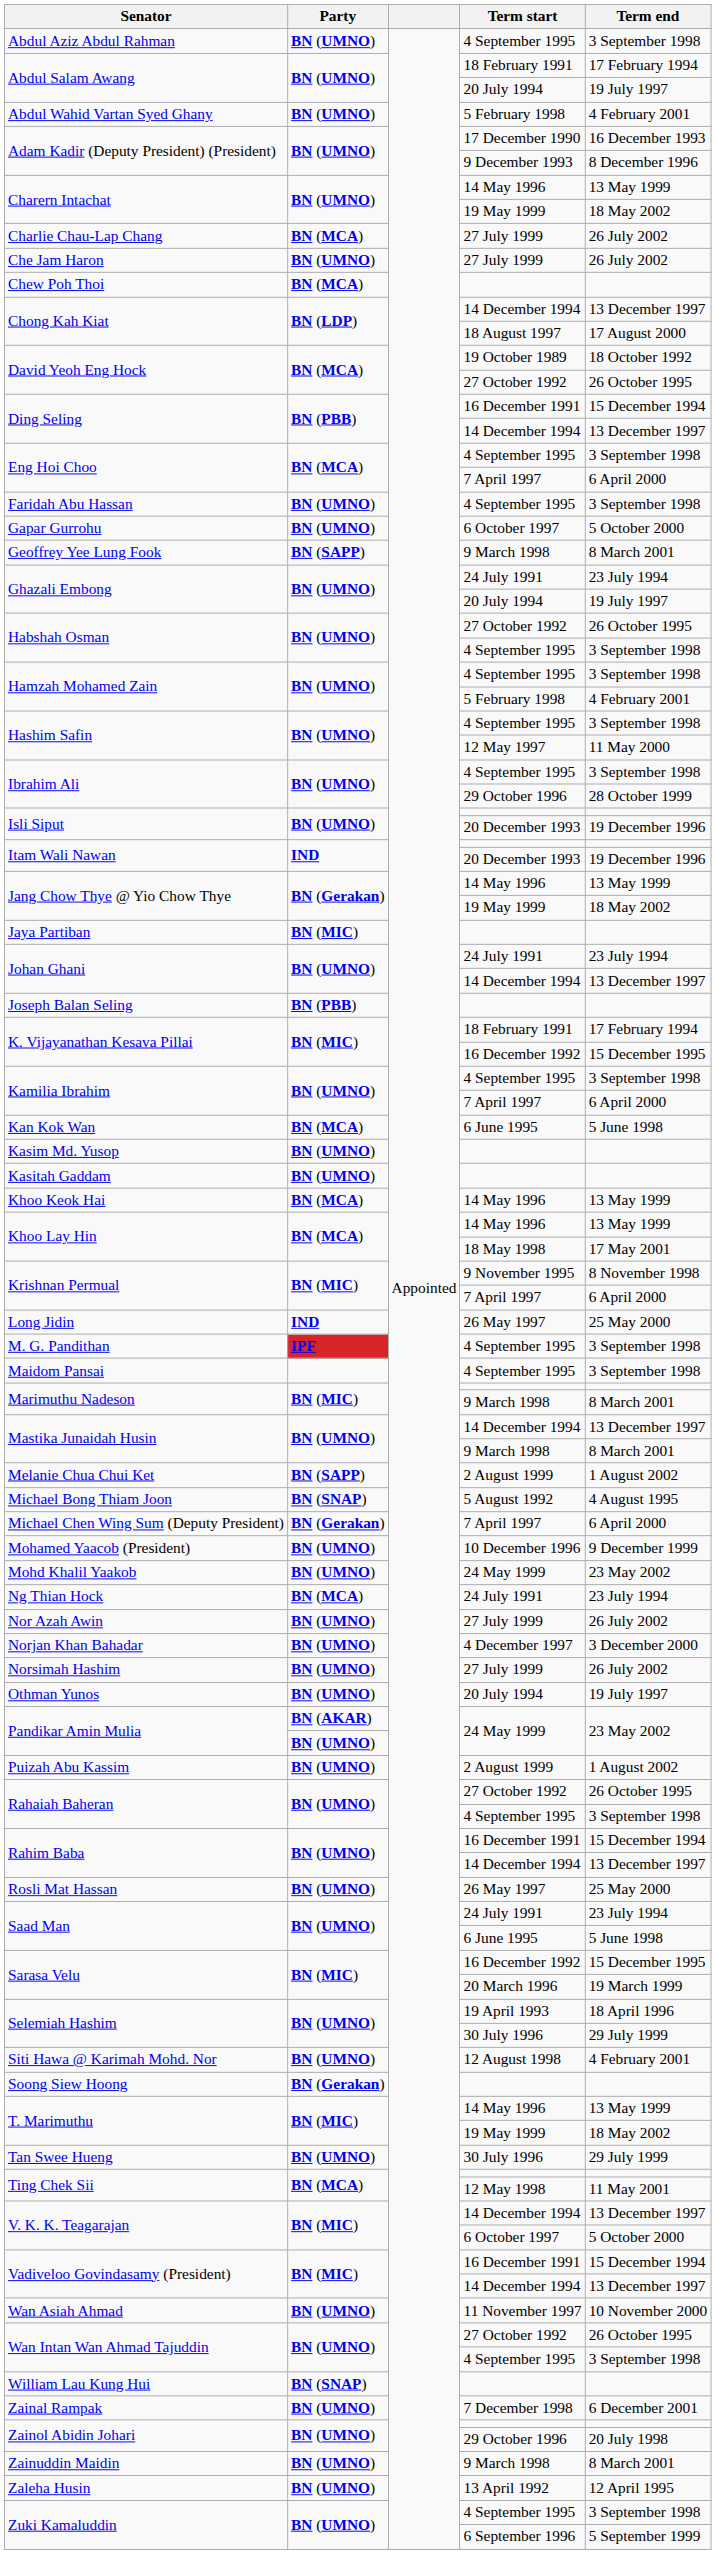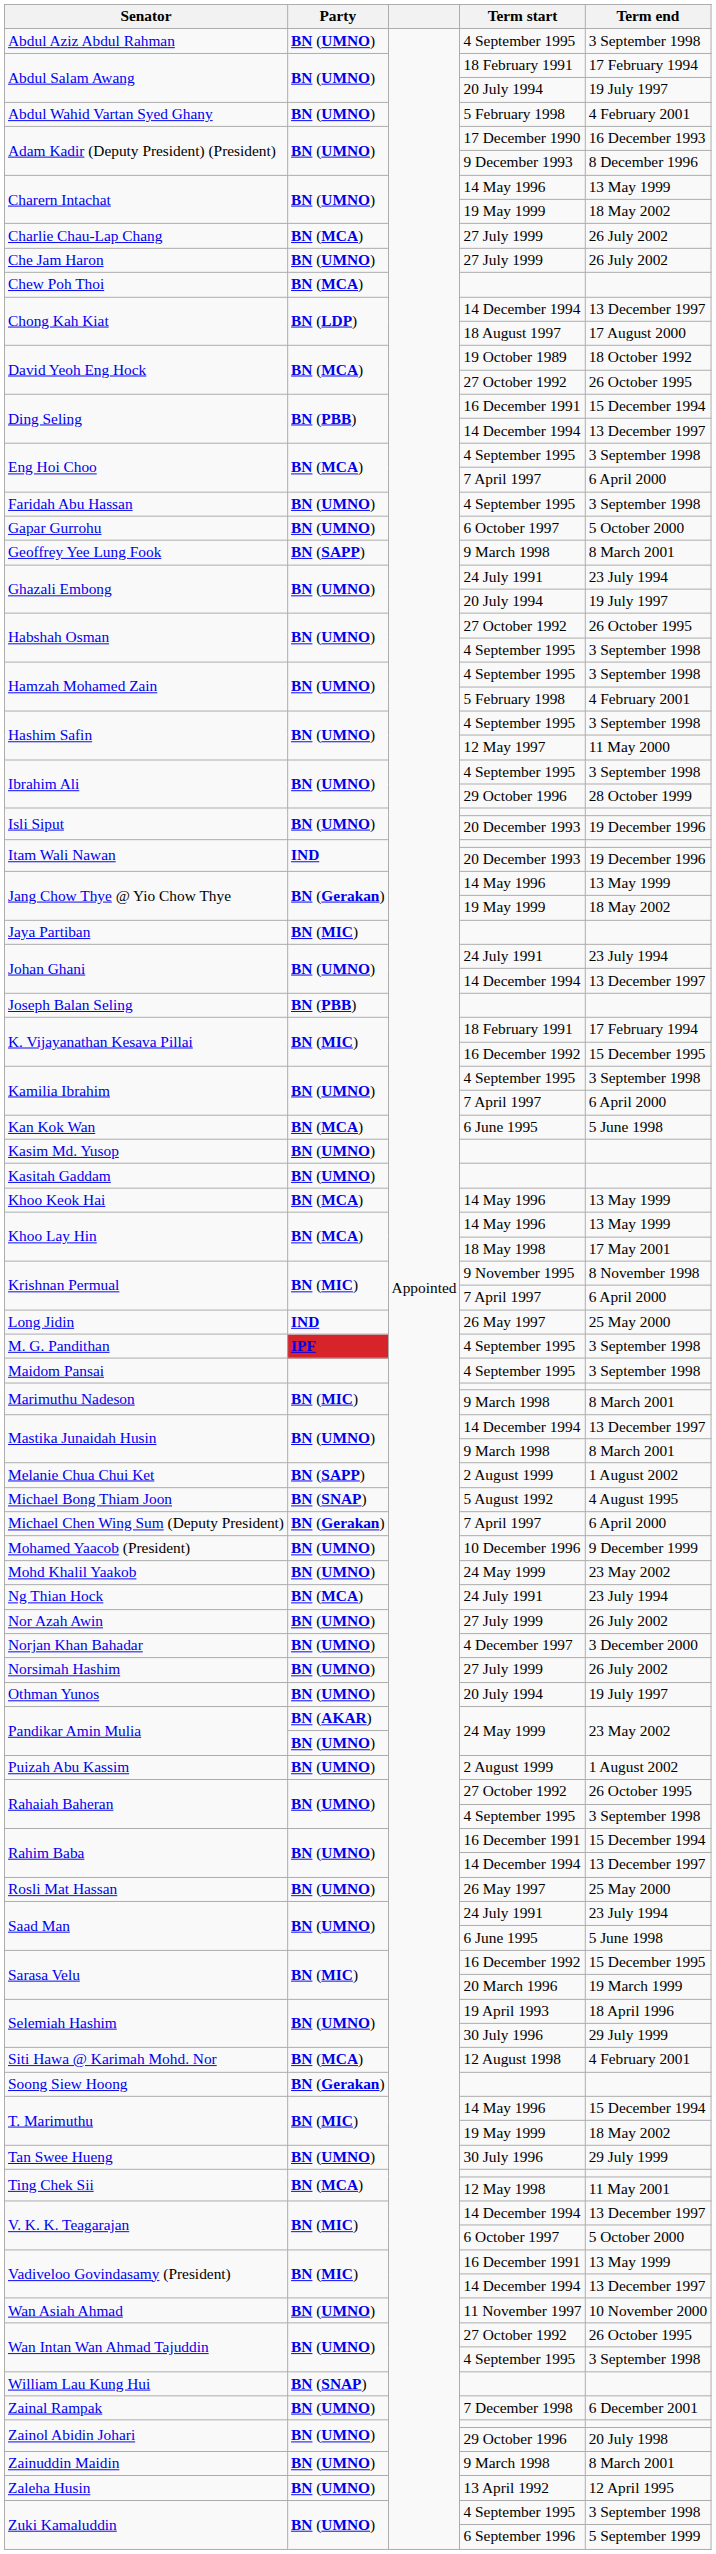 <table class="wikitable sortable">
 <tr>
 <th>Senator</th>
 <th>Party</th>
 <th></th>
 <th>Term start</th>
 <th>Term end</th>
 </tr>
 <tr>
 <td><a href='#'>Abdul Aziz Abdul Rahman</a></td>
 <td><strong><a href='#'>BN</a></strong> (<strong><a href='#'>UMNO</a></strong>)</td>
 <td rowspan="107">Appointed</td>
 <td>4 September 1995</td>
 <td>3 September 1998</td>
 </tr>
 <tr>
 <td rowspan=2><a href='#'>Abdul Salam Awang</a></td>
 <td rowspan=2><strong><a href='#'>BN</a></strong> (<strong><a href='#'>UMNO</a></strong>)</td>
 <td>18 February 1991</td>
 <td>17 February 1994</td>
 </tr>
 <tr>
 <td>20 July 1994</td>
 <td>19 July 1997</td>
 </tr>
 <tr>
 <td><a href='#'>Abdul Wahid Vartan Syed Ghany</a></td>
 <td><strong><a href='#'>BN</a></strong> (<strong><a href='#'>UMNO</a></strong>)</td>
 <td>5 February 1998</td>
 <td>4 February 2001</td>
 </tr>
 <tr>
 <td rowspan=2><a href='#'>Adam Kadir</a> (Deputy President) (President)</td>
 <td rowspan=2><strong><a href='#'>BN</a></strong> (<strong><a href='#'>UMNO</a></strong>)</td>
 <td>17 December 1990</td>
 <td>16 December 1993</td>
 </tr>
 <tr>
 <td>9 December 1993</td>
 <td>8 December 1996</td>
 </tr>
 <tr>
 <td rowspan=2><a href='#'>Charern Intachat</a></td>
 <td rowspan=2><strong><a href='#'>BN</a></strong> (<strong><a href='#'>UMNO</a></strong>)</td>
 <td>14 May 1996</td>
 <td>13 May 1999</td>
 </tr>
 <tr>
 <td>19 May 1999</td>
 <td>18 May 2002</td>
 </tr>
 <tr>
 <td><a href='#'>Charlie Chau-Lap Chang</a></td>
 <td><strong><a href='#'>BN</a></strong> (<strong><a href='#'>MCA</a></strong>)</td>
 <td>27 July 1999</td>
 <td>26 July 2002</td>
 </tr>
 <tr>
 <td><a href='#'>Che Jam Haron</a></td>
 <td><strong><a href='#'>BN</a></strong> (<strong><a href='#'>UMNO</a></strong>)</td>
 <td>27 July 1999</td>
 <td>26 July 2002</td>
 </tr>
 <tr>
 <td><a href='#'>Chew Poh Thoi</a></td>
 <td><strong><a href='#'>BN</a></strong> (<strong><a href='#'>MCA</a></strong>)</td>
 <td></td>
 <td></td>
 </tr>
 <tr>
 <td rowspan=2><a href='#'>Chong Kah Kiat</a></td>
 <td rowspan=2><strong><a href='#'>BN</a></strong> (<strong><a href='#'>LDP</a></strong>)</td>
 <td>14 December 1994</td>
 <td>13 December 1997</td>
 </tr>
 <tr>
 <td>18 August 1997</td>
 <td>17 August 2000</td>
 </tr>
 <tr>
 <td rowspan=2><a href='#'>David Yeoh Eng Hock</a></td>
 <td rowspan=2><strong><a href='#'>BN</a></strong> (<strong><a href='#'>MCA</a></strong>)</td>
 <td>19 October 1989</td>
 <td>18 October 1992</td>
 </tr>
 <tr>
 <td>27 October 1992</td>
 <td>26 October 1995</td>
 </tr>
 <tr>
 <td rowspan=2><a href='#'>Ding Seling</a></td>
 <td rowspan=2><strong><a href='#'>BN</a></strong> (<strong><a href='#'>PBB</a></strong>)</td>
 <td>16 December 1991</td>
 <td>15 December 1994</td>
 </tr>
 <tr>
 <td>14 December 1994</td>
 <td>13 December 1997</td>
 </tr>
 <tr>
 <td rowspan=2><a href='#'>Eng Hoi Choo</a></td>
 <td rowspan=2><strong><a href='#'>BN</a></strong> (<strong><a href='#'>MCA</a></strong>)</td>
 <td>4 September 1995</td>
 <td>3 September 1998</td>
 </tr>
 <tr>
 <td>7 April 1997</td>
 <td>6 April 2000</td>
 </tr>
 <tr>
 <td><a href='#'>Faridah Abu Hassan</a></td>
 <td><strong><a href='#'>BN</a></strong> (<strong><a href='#'>UMNO</a></strong>)</td>
 <td>4 September 1995</td>
 <td>3 September 1998</td>
 </tr>
 <tr>
 <td><a href='#'>Gapar Gurrohu</a></td>
 <td><strong><a href='#'>BN</a></strong> (<strong><a href='#'>UMNO</a></strong>)</td>
 <td>6 October 1997</td>
 <td>5 October 2000</td>
 </tr>
 <tr>
 <td><a href='#'>Geoffrey Yee Lung Fook</a></td>
 <td><strong><a href='#'>BN</a></strong> (<strong><a href='#'>SAPP</a></strong>)</td>
 <td>9 March 1998</td>
 <td>8 March 2001</td>
 </tr>
 <tr>
 <td rowspan=2><a href='#'>Ghazali Embong</a></td>
 <td rowspan=2><strong><a href='#'>BN</a></strong> (<strong><a href='#'>UMNO</a></strong>)</td>
 <td>24 July 1991</td>
 <td>23 July 1994</td>
 </tr>
 <tr>
 <td>20 July 1994</td>
 <td>19 July 1997</td>
 </tr>
 <tr>
 <td rowspan=2><a href='#'>Habshah Osman</a></td>
 <td rowspan=2><strong><a href='#'>BN</a></strong> (<strong><a href='#'>UMNO</a></strong>)</td>
 <td>27 October 1992</td>
 <td>26 October 1995</td>
 </tr>
 <tr>
 <td>4 September 1995</td>
 <td>3 September 1998</td>
 </tr>
 <tr>
 <td rowspan=2><a href='#'>Hamzah Mohamed Zain</a></td>
 <td rowspan=2><strong><a href='#'>BN</a></strong> (<strong><a href='#'>UMNO</a></strong>)</td>
 <td>4 September 1995</td>
 <td>3 September 1998</td>
 </tr>
 <tr>
 <td>5 February 1998</td>
 <td>4 February 2001</td>
 </tr>
 <tr>
 <td rowspan=2><a href='#'>Hashim Safin</a></td>
 <td rowspan=2><strong><a href='#'>BN</a></strong> (<strong><a href='#'>UMNO</a></strong>)</td>
 <td>4 September 1995</td>
 <td>3 September 1998</td>
 </tr>
 <tr>
 <td>12 May 1997</td>
 <td>11 May 2000</td>
 </tr>
 <tr>
 <td rowspan=2><a href='#'>Ibrahim Ali</a></td>
 <td rowspan=2><strong><a href='#'>BN</a></strong> (<strong><a href='#'>UMNO</a></strong>)</td>
 <td>4 September 1995</td>
 <td>3 September 1998</td>
 </tr>
 <tr>
 <td>29 October 1996</td>
 <td>28 October 1999</td>
 </tr>
 <tr>
 <td rowspan=2><a href='#'>Isli Siput</a></td>
 <td rowspan=2><strong><a href='#'>BN</a></strong> (<strong><a href='#'>UMNO</a></strong>)</td>
 <td></td>
 <td></td>
 </tr>
 <tr>
 <td>20 December 1993</td>
 <td>19 December 1996</td>
 </tr>
 <tr>
 <td rowspan=2><a href='#'>Itam Wali Nawan</a></td>
 <td rowspan=2><strong><a href='#'>IND</a></strong></td>
 <td></td>
 <td></td>
 </tr>
 <tr>
 <td>20 December 1993</td>
 <td>19 December 1996</td>
 </tr>
 <tr>
 <td rowspan=2><a href='#'>Jang Chow Thye</a> @ Yio Chow Thye</td>
 <td rowspan=2><strong><a href='#'>BN</a></strong> (<strong><a href='#'>Gerakan</a></strong>)</td>
 <td>14 May 1996</td>
 <td>13 May 1999</td>
 </tr>
 <tr>
 <td>19 May 1999</td>
 <td>18 May 2002</td>
 </tr>
 <tr>
 <td><a href='#'>Jaya Partiban</a></td>
 <td><strong><a href='#'>BN</a></strong> (<strong><a href='#'>MIC</a></strong>)</td>
 <td></td>
 <td></td>
 </tr>
 <tr>
 <td rowspan=2><a href='#'>Johan Ghani</a></td>
 <td rowspan=2><strong><a href='#'>BN</a></strong> (<strong><a href='#'>UMNO</a></strong>)</td>
 <td>24 July 1991</td>
 <td>23 July 1994</td>
 </tr>
 <tr>
 <td>14 December 1994</td>
 <td>13 December 1997</td>
 </tr>
 <tr>
 <td><a href='#'>Joseph Balan Seling</a></td>
 <td><strong><a href='#'>BN</a></strong> (<strong><a href='#'>PBB</a></strong>)</td>
 <td></td>
 <td></td>
 </tr>
 <tr>
 <td rowspan=2><a href='#'>K. Vijayanathan Kesava Pillai</a></td>
 <td rowspan=2><strong><a href='#'>BN</a></strong> (<strong><a href='#'>MIC</a></strong>)</td>
 <td>18 February 1991</td>
 <td>17 February 1994</td>
 </tr>
 <tr>
 <td>16 December 1992</td>
 <td>15 December 1995</td>
 </tr>
 <tr>
 <td rowspan=2><a href='#'>Kamilia Ibrahim</a></td>
 <td rowspan=2><strong><a href='#'>BN</a></strong> (<strong><a href='#'>UMNO</a></strong>)</td>
 <td>4 September 1995</td>
 <td>3 September 1998</td>
 </tr>
 <tr>
 <td>7 April 1997</td>
 <td>6 April 2000</td>
 </tr>
 <tr>
 <td><a href='#'>Kan Kok Wan</a></td>
 <td><strong><a href='#'>BN</a></strong> (<strong><a href='#'>MCA</a></strong>)</td>
 <td>6 June 1995</td>
 <td>5 June 1998</td>
 </tr>
 <tr>
 <td><a href='#'>Kasim Md. Yusop</a></td>
 <td><strong><a href='#'>BN</a></strong> (<strong><a href='#'>UMNO</a></strong>)</td>
 <td></td>
 <td></td>
 </tr>
 <tr>
 <td><a href='#'>Kasitah Gaddam</a></td>
 <td><strong><a href='#'>BN</a></strong> (<strong><a href='#'>UMNO</a></strong>)</td>
 <td></td>
 <td></td>
 </tr>
 <tr>
 <td><a href='#'>Khoo Keok Hai</a></td>
 <td><strong><a href='#'>BN</a></strong> (<strong><a href='#'>MCA</a></strong>)</td>
 <td>14 May 1996</td>
 <td>13 May 1999</td>
 </tr>
 <tr>
 <td rowspan=2><a href='#'>Khoo Lay Hin</a></td>
 <td rowspan=2><strong><a href='#'>BN</a></strong> (<strong><a href='#'>MCA</a></strong>)</td>
 <td>14 May 1996</td>
 <td>13 May 1999</td>
 </tr>
 <tr>
 <td>18 May 1998</td>
 <td>17 May 2001</td>
 </tr>
 <tr>
 <td rowspan=2><a href='#'>Krishnan Permual</a></td>
 <td rowspan=2><strong><a href='#'>BN</a></strong> (<strong><a href='#'>MIC</a></strong>)</td>
 <td>9 November 1995</td>
 <td>8 November 1998</td>
 </tr>
 <tr>
 <td>7 April 1997</td>
 <td>6 April 2000</td>
 </tr>
 <tr>
 <td><a href='#'>Long Jidin</a></td>
 <td><strong><a href='#'>IND</a></strong></td>
 <td>26 May 1997</td>
 <td>25 May 2000</td>
 </tr>
 <tr>
 <td><a href='#'>M. G. Pandithan</a></td>
 <td bgcolor=#D7242A><strong><a href='#'>IPF</a></strong></td>
 <td>4 September 1995</td>
 <td>3 September 1998</td>
 </tr>
 <tr>
 <td><a href='#'>Maidom Pansai</a></td>
 <td></td>
 <td>4 September 1995</td>
 <td>3 September 1998</td>
 </tr>
 <tr>
 <td rowspan=2><a href='#'>Marimuthu Nadeson</a></td>
 <td rowspan=2><strong><a href='#'>BN</a></strong> (<strong><a href='#'>MIC</a></strong>)</td>
 <td></td>
 <td></td>
 </tr>
 <tr>
 <td>9 March 1998</td>
 <td>8 March 2001</td>
 </tr>
 <tr>
 <td rowspan=2><a href='#'>Mastika Junaidah Husin</a></td>
 <td rowspan=2><strong><a href='#'>BN</a></strong> (<strong><a href='#'>UMNO</a></strong>)</td>
 <td>14 December 1994</td>
 <td>13 December 1997</td>
 </tr>
 <tr>
 <td>9 March 1998</td>
 <td>8 March 2001</td>
 </tr>
 <tr>
 <td><a href='#'>Melanie Chua Chui Ket</a></td>
 <td><strong><a href='#'>BN</a></strong> (<strong><a href='#'>SAPP</a></strong>)</td>
 <td>2 August 1999</td>
 <td>1 August 2002</td>
 </tr>
 <tr>
 <td><a href='#'>Michael Bong Thiam Joon</a></td>
 <td><strong><a href='#'>BN</a></strong> (<strong><a href='#'>SNAP</a></strong>)</td>
 <td>5 August 1992</td>
 <td>4 August 1995</td>
 </tr>
 <tr>
 <td><a href='#'>Michael Chen Wing Sum</a> (Deputy President)</td>
 <td><strong><a href='#'>BN</a></strong> (<strong><a href='#'>Gerakan</a></strong>)</td>
 <td>7 April 1997</td>
 <td>6 April 2000</td>
 </tr>
 <tr>
 <td><a href='#'>Mohamed Yaacob</a> (President)</td>
 <td><strong><a href='#'>BN</a></strong> (<strong><a href='#'>UMNO</a></strong>)</td>
 <td>10 December 1996</td>
 <td>9 December 1999</td>
 </tr>
 <tr>
 <td><a href='#'>Mohd Khalil Yaakob</a></td>
 <td><strong><a href='#'>BN</a></strong> (<strong><a href='#'>UMNO</a></strong>)</td>
 <td>24 May 1999</td>
 <td>23 May 2002</td>
 </tr>
 <tr>
 <td><a href='#'>Ng Thian Hock</a></td>
 <td><strong><a href='#'>BN</a></strong> (<strong><a href='#'>MCA</a></strong>)</td>
 <td>24 July 1991</td>
 <td>23 July 1994</td>
 </tr>
 <tr>
 <td><a href='#'>Nor Azah Awin</a></td>
 <td><strong><a href='#'>BN</a></strong> (<strong><a href='#'>UMNO</a></strong>)</td>
 <td>27 July 1999</td>
 <td>26 July 2002</td>
 </tr>
 <tr>
 <td><a href='#'>Norjan Khan Bahadar</a></td>
 <td><strong><a href='#'>BN</a></strong> (<strong><a href='#'>UMNO</a></strong>)</td>
 <td>4 December 1997</td>
 <td>3 December 2000</td>
 </tr>
 <tr>
 <td><a href='#'>Norsimah Hashim</a></td>
 <td><strong><a href='#'>BN</a></strong> (<strong><a href='#'>UMNO</a></strong>)</td>
 <td>27 July 1999</td>
 <td>26 July 2002</td>
 </tr>
 <tr>
 <td><a href='#'>Othman Yunos</a></td>
 <td><strong><a href='#'>BN</a></strong> (<strong><a href='#'>UMNO</a></strong>)</td>
 <td>20 July 1994</td>
 <td>19 July 1997</td>
 </tr>
 <tr>
 <td rowspan="2"><a href='#'>Pandikar Amin Mulia</a></td>
 <td><strong><a href='#'>BN</a></strong> (<strong><a href='#'>AKAR</a></strong>)</td>
 <td rowspan="2">24 May 1999</td>
 <td rowspan="2">23 May 2002</td>
 </tr>
 <tr>
 <td><strong><a href='#'>BN</a></strong> (<strong><a href='#'>UMNO</a></strong>)</td>
 </tr>
 <tr>
 <td><a href='#'>Puizah Abu Kassim</a></td>
 <td><strong><a href='#'>BN</a></strong> (<strong><a href='#'>UMNO</a></strong>)</td>
 <td>2 August 1999</td>
 <td>1 August 2002</td>
 </tr>
 <tr>
 <td rowspan=2><a href='#'>Rahaiah Baheran</a></td>
 <td rowspan=2><strong><a href='#'>BN</a></strong> (<strong><a href='#'>UMNO</a></strong>)</td>
 <td>27 October 1992</td>
 <td>26 October 1995</td>
 </tr>
 <tr>
 <td>4 September 1995</td>
 <td>3 September 1998</td>
 </tr>
 <tr>
 <td rowspan=2><a href='#'>Rahim Baba</a></td>
 <td rowspan=2><strong><a href='#'>BN</a></strong> (<strong><a href='#'>UMNO</a></strong>)</td>
 <td>16 December 1991</td>
 <td>15 December 1994</td>
 </tr>
 <tr>
 <td>14 December 1994</td>
 <td>13 December 1997</td>
 </tr>
 <tr>
 <td><a href='#'>Rosli Mat Hassan</a></td>
 <td><strong><a href='#'>BN</a></strong> (<strong><a href='#'>UMNO</a></strong>)</td>
 <td>26 May 1997</td>
 <td>25 May 2000</td>
 </tr>
 <tr>
 <td rowspan=2><a href='#'>Saad Man</a></td>
 <td rowspan=2><strong><a href='#'>BN</a></strong> (<strong><a href='#'>UMNO</a></strong>)</td>
 <td>24 July 1991</td>
 <td>23 July 1994</td>
 </tr>
 <tr>
 <td>6 June 1995</td>
 <td>5 June 1998</td>
 </tr>
 <tr>
 <td rowspan=2><a href='#'>Sarasa Velu</a></td>
 <td rowspan=2><strong><a href='#'>BN</a></strong> (<strong><a href='#'>MIC</a></strong>)</td>
 <td>16 December 1992</td>
 <td>15 December 1995</td>
 </tr>
 <tr>
 <td>20 March 1996</td>
 <td>19 March 1999</td>
 </tr>
 <tr>
 <td rowspan=2><a href='#'>Selemiah Hashim</a></td>
 <td rowspan=2><strong><a href='#'>BN</a></strong> (<strong><a href='#'>UMNO</a></strong>)</td>
 <td>19 April 1993</td>
 <td>18 April 1996</td>
 </tr>
 <tr>
 <td>30 July 1996</td>
 <td>29 July 1999</td>
 </tr>
 <tr>
 <td><a href='#'>Siti Hawa @ Karimah Mohd. Nor</a></td>
-<td><strong><a href='#'>BN</a></strong> (<strong><a href='#'>UMNO</a></strong>)</td>
+<td><strong><a href='#'>BN</a></strong> (<strong><a href='#'>MCA</a></strong>)</td>
 <td>12 August 1998</td>
 <td>4 February 2001</td>
 </tr>
 <tr>
 <td><a href='#'>Soong Siew Hoong</a></td>
 <td><strong><a href='#'>BN</a></strong> (<strong><a href='#'>Gerakan</a></strong>)</td>
 <td></td>
 <td></td>
 </tr>
 <tr>
 <td rowspan=2><a href='#'>T. Marimuthu</a></td>
 <td rowspan=2><strong><a href='#'>BN</a></strong> (<strong><a href='#'>MIC</a></strong>)</td>
 <td>14 May 1996</td>
-<td>13 May 1999</td>
+<td>15 December 1994</td>
 </tr>
 <tr>
 <td>19 May 1999</td>
 <td>18 May 2002</td>
 </tr>
 <tr>
 <td><a href='#'>Tan Swee Hueng</a></td>
 <td><strong><a href='#'>BN</a></strong> (<strong><a href='#'>UMNO</a></strong>)</td>
 <td>30 July 1996</td>
 <td>29 July 1999</td>
 </tr>
 <tr>
 <td rowspan=2><a href='#'>Ting Chek Sii</a></td>
 <td rowspan=2><strong><a href='#'>BN</a></strong> (<strong><a href='#'>MCA</a></strong>)</td>
 <td></td>
 <td></td>
 </tr>
 <tr>
 <td>12 May 1998</td>
 <td>11 May 2001</td>
 </tr>
 <tr>
 <td rowspan=2><a href='#'>V. K. K. Teagarajan</a></td>
 <td rowspan=2><strong><a href='#'>BN</a></strong> (<strong><a href='#'>MIC</a></strong>)</td>
 <td>14 December 1994</td>
 <td>13 December 1997</td>
 </tr>
 <tr>
 <td>6 October 1997</td>
 <td>5 October 2000</td>
 </tr>
 <tr>
 <td rowspan=2><a href='#'>Vadiveloo Govindasamy</a> (President)</td>
 <td rowspan=2><strong><a href='#'>BN</a></strong> (<strong><a href='#'>MIC</a></strong>)</td>
 <td>16 December 1991</td>
-<td>15 December 1994</td>
+<td>13 May 1999</td>
 </tr>
 <tr>
 <td>14 December 1994</td>
 <td>13 December 1997</td>
 </tr>
 <tr>
 <td><a href='#'>Wan Asiah Ahmad</a></td>
 <td><strong><a href='#'>BN</a></strong> (<strong><a href='#'>UMNO</a></strong>)</td>
 <td>11 November 1997</td>
 <td>10 November 2000</td>
 </tr>
 <tr>
 <td rowspan=2><a href='#'>Wan Intan Wan Ahmad Tajuddin</a></td>
 <td rowspan=2><strong><a href='#'>BN</a></strong> (<strong><a href='#'>UMNO</a></strong>)</td>
 <td>27 October 1992</td>
 <td>26 October 1995</td>
 </tr>
 <tr>
 <td>4 September 1995</td>
 <td>3 September 1998</td>
 </tr>
 <tr>
 <td><a href='#'>William Lau Kung Hui</a></td>
 <td><strong><a href='#'>BN</a></strong> (<strong><a href='#'>SNAP</a></strong>)</td>
 <td></td>
 <td></td>
 </tr>
 <tr>
 <td><a href='#'>Zainal Rampak</a></td>
 <td><strong><a href='#'>BN</a></strong> (<strong><a href='#'>UMNO</a></strong>)</td>
 <td>7 December 1998</td>
 <td>6 December 2001</td>
 </tr>
 <tr>
 <td rowspan=2><a href='#'>Zainol Abidin Johari</a></td>
 <td rowspan=2><strong><a href='#'>BN</a></strong> (<strong><a href='#'>UMNO</a></strong>)</td>
 <td></td>
 <td></td>
 </tr>
 <tr>
 <td>29 October 1996</td>
 <td>20 July 1998</td>
 </tr>
 <tr>
 <td><a href='#'>Zainuddin Maidin</a></td>
 <td><strong><a href='#'>BN</a></strong> (<strong><a href='#'>UMNO</a></strong>)</td>
 <td>9 March 1998</td>
 <td>8 March 2001</td>
 </tr>
 <tr>
 <td><a href='#'>Zaleha Husin</a></td>
 <td><strong><a href='#'>BN</a></strong> (<strong><a href='#'>UMNO</a></strong>)</td>
 <td>13 April 1992</td>
 <td>12 April 1995</td>
 </tr>
 <tr>
 <td rowspan=2><a href='#'>Zuki Kamaluddin</a></td>
 <td rowspan=2><strong><a href='#'>BN</a></strong> (<strong><a href='#'>UMNO</a></strong>)</td>
 <td>4 September 1995</td>
 <td>3 September 1998</td>
 </tr>
 <tr>
 <td>6 September 1996</td>
 <td>5 September 1999</td>
 </tr>
 </table>
